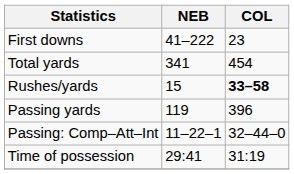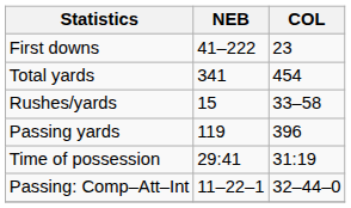 <table class="wikitable" style="float: left;">
 <tr>
 <th>Statistics</th>
 <th>NEB</th>
 <th>COL</th>
 </tr>
 <tr>
 <td>First downs</td>
 <td>41–222</td>
 <td>23</td>
 </tr>
 <tr>
 <td>Total yards</td>
 <td>341</td>
 <td>454</td>
 </tr>
 <tr>
 <td>Rushes/yards</td>
 <td>15</td>
-<td><strong>33–58</strong></td>
+<td>33–58</td>
 </tr>
 <tr>
 <td>Passing yards</td>
 <td>119</td>
 <td>396</td>
 </tr>
 <tr>
+<td>Time of possession</td>
+<td>29:41</td>
+<td>31:19</td>
+</tr>
+<tr>
 <td>Passing: Comp–Att–Int</td>
 <td>11–22–1</td>
 <td>32–44–0</td>
 </tr>
 <tr>
-<td>Time of possession</td>
-<td>29:41</td>
-<td>31:19</td>
-</tr>
-<tr>
 </tr>
 </table>
